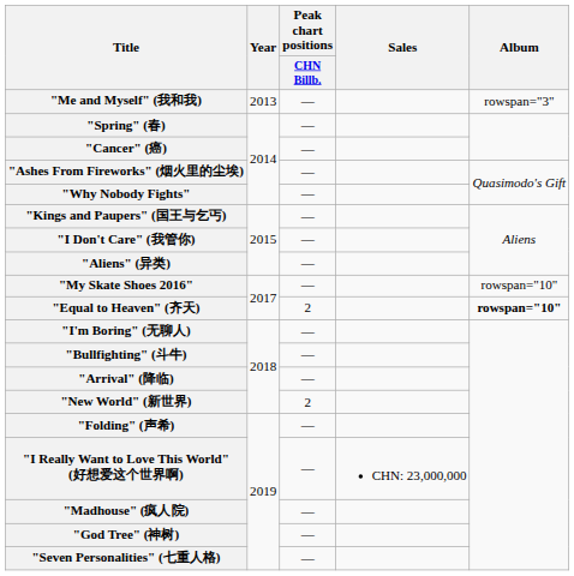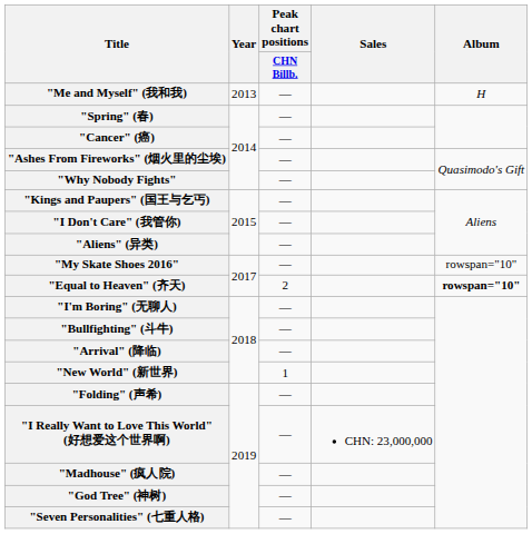 <table class="wikitable plainrowheaders" style="text-align:center;">
 <tr>
 <th rowspan="2">Title</th>
 <th rowspan="2">Year</th>
 <th>Peak chart positions</th>
 <th rowspan="2">Sales</th>
 <th rowspan="2">Album</th>
 </tr>
 <tr>
 <th scope="col" style="width:3em;font-size:90%;"><a href='#'>CHN Billb.</a><br></th>
 </tr>
 <tr>
 <th scope="row">"Me and Myself" (我和我)</th>
 <td>2013</td>
 <td>—</td>
 <td></td>
-<td>rowspan="3" </td>
+<td><em>H</em></td>
 </tr>
 <tr>
 <th scope="row">"Spring" (春)</th>
 <td rowspan="4">2014</td>
 <td>—</td>
 <td></td>
 </tr>
 <tr>
 <th scope="row">"Cancer" (癌)</th>
 <td>—</td>
 <td></td>
 </tr>
 <tr>
 <th scope="row">"Ashes From Fireworks" (烟火里的尘埃)</th>
 <td>—</td>
 <td></td>
 <td rowspan="2"><em>Quasimodo's Gift</em></td>
 </tr>
 <tr>
 <th scope="row">"Why Nobody Fights"</th>
 <td>—</td>
 <td></td>
 </tr>
 <tr>
 <th scope="row">"Kings and Paupers" (国王与乞丐)</th>
 <td rowspan="3">2015</td>
 <td>—</td>
 <td></td>
 <td rowspan="3"><em>Aliens</em></td>
 </tr>
 <tr>
 <th scope="row">"I Don't Care" (我管你)</th>
 <td>—</td>
 <td></td>
 </tr>
 <tr>
 <th scope="row">"Aliens" (异类)</th>
 <td>—</td>
 <td></td>
 </tr>
 <tr>
 <th scope="row">"My Skate Shoes 2016"</th>
 <td rowspan="2">2017</td>
 <td>—</td>
 <td></td>
 <td>rowspan="10" </td>
 </tr>
 <tr>
 <th scope="row">"Equal to Heaven" (齐天)</th>
 <td>2</td>
 <td></td>
 <td><strong>rowspan="10" </strong></td>
 </tr>
 <tr>
 <th scope="row">"I'm Boring" (无聊人)</th>
 <td rowspan="4">2018</td>
 <td>—</td>
 <td></td>
 </tr>
 <tr>
 <th scope="row">"Bullfighting" (斗牛)</th>
 <td>—</td>
 <td></td>
 </tr>
 <tr>
 <th scope="row">"Arrival" (降临)</th>
 <td>—</td>
 <td></td>
 </tr>
 <tr>
 <th scope="row">"New World" (新世界)</th>
-<td>2</td>
+<td>1</td>
 <td></td>
 </tr>
 <tr>
 <th scope="row">"Folding" (声希)</th>
 <td rowspan="5">2019</td>
 <td>—</td>
 <td></td>
 </tr>
 <tr>
 <th scope="row">"I Really Want to Love This World"<br>(好想爱这个世界啊)</th>
 <td>—</td>
 <td><br><ul><li>CHN: 23,000,000</li></ul></td>
 </tr>
 <tr>
 <th scope="row">"Madhouse" (疯人院)</th>
 <td>—</td>
 <td></td>
 </tr>
 <tr>
 <th scope="row">"God Tree" (神树)</th>
 <td>—</td>
 <td></td>
 </tr>
 <tr>
 <th scope="row">"Seven Personalities" (七重人格)</th>
 <td>—</td>
 <td></td>
 </tr>
 </table>
